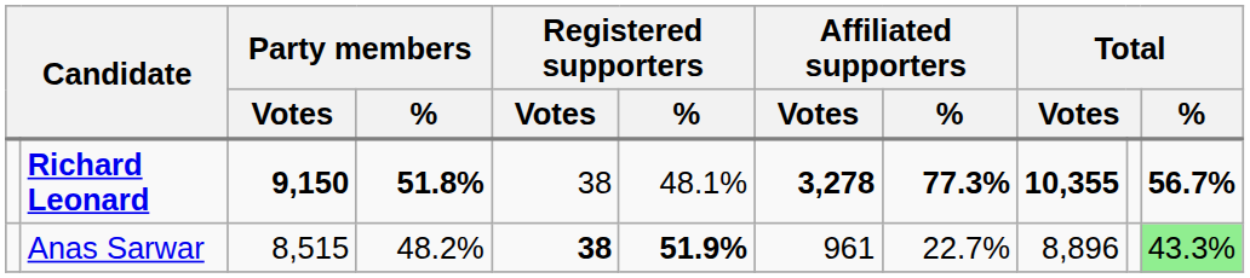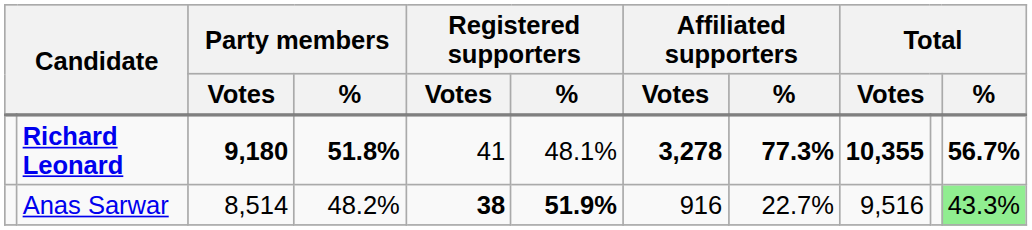 <table class="wikitable" style="font-size: 95%;">
 <tr>
 <th colspan="2" scope="col" rowspan="2" width="125">Candidate</th>
 <th scope="col" colspan="2" width="150">Party members</th>
 <th scope="col" colspan="2" width="150">Registered supporters</th>
 <th scope="col" colspan="2" width="150">Affiliated supporters</th>
 <th scope="col" colspan="3" width="75">Total</th>
 </tr>
 <tr style="background-color:#E9E9E9; border-bottom: 2px solid gray;">
 <th>Votes</th>
 <th>%</th>
 <th>Votes</th>
 <th>%</th>
 <th>Votes</th>
 <th>%</th>
 <th scope="col" colspan="2">Votes</th>
 <th>%</th>
 </tr>
 <tr align="right">
 <td style="background-color: "></td>
 <td scope="row" align="left"><strong><a href='#'>Richard Leonard</a></strong> </td>
-<td><strong>9,150</strong></td>
+<td><strong>9,180</strong></td>
 <td><strong>51.8%</strong></td>
-<td>38</td>
+<td>41</td>
 <td>48.1%</td>
 <td><strong> 3,278 </strong></td>
 <td><strong>77.3%</strong></td>
 <td><strong> 10,355 </strong></td>
 <td align=center></td>
 <td><strong>56.7%</strong></td>
 </tr>
 <tr align="right">
 <td style="background-color: "></td>
 <td scope="row" align="left"><a href='#'>Anas Sarwar</a></td>
-<td>8,515</td>
+<td>8,514</td>
 <td>48.2%</td>
 <td><strong>38</strong></td>
 <td><strong>51.9%</strong></td>
-<td>961</td>
+<td>916</td>
 <td>22.7%</td>
-<td>8,896</td>
+<td>9,516</td>
 <td align=center></td>
 <td style="background: lightgreen;">43.3%</td>
 </tr>
 </table>
